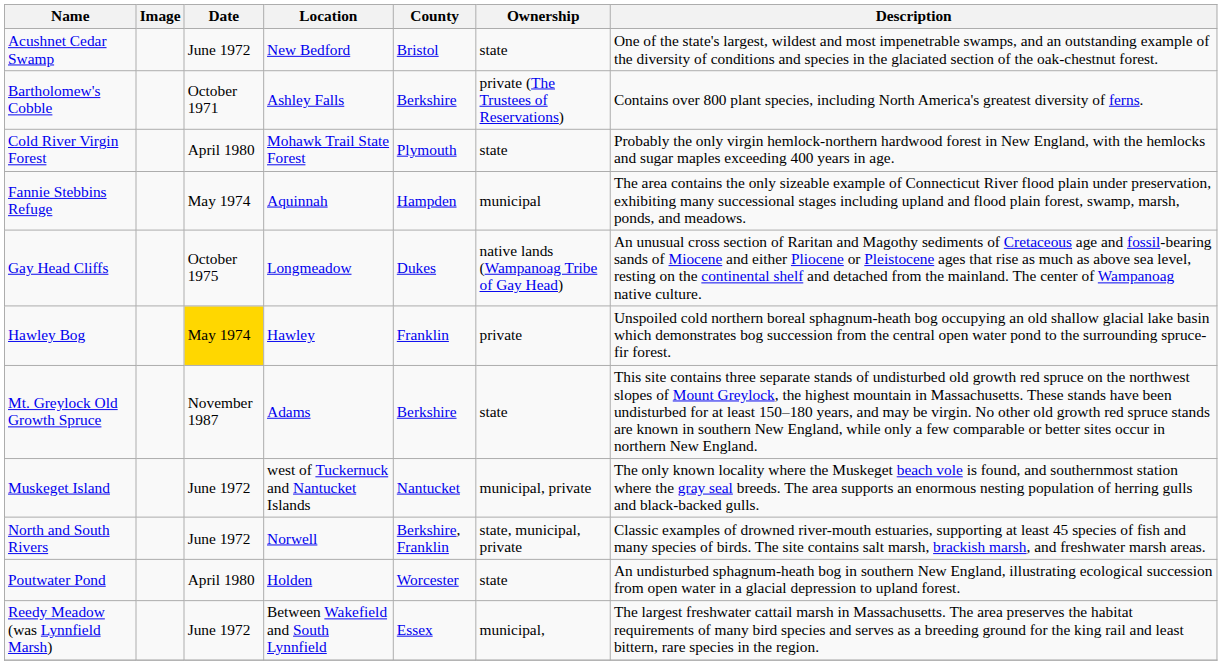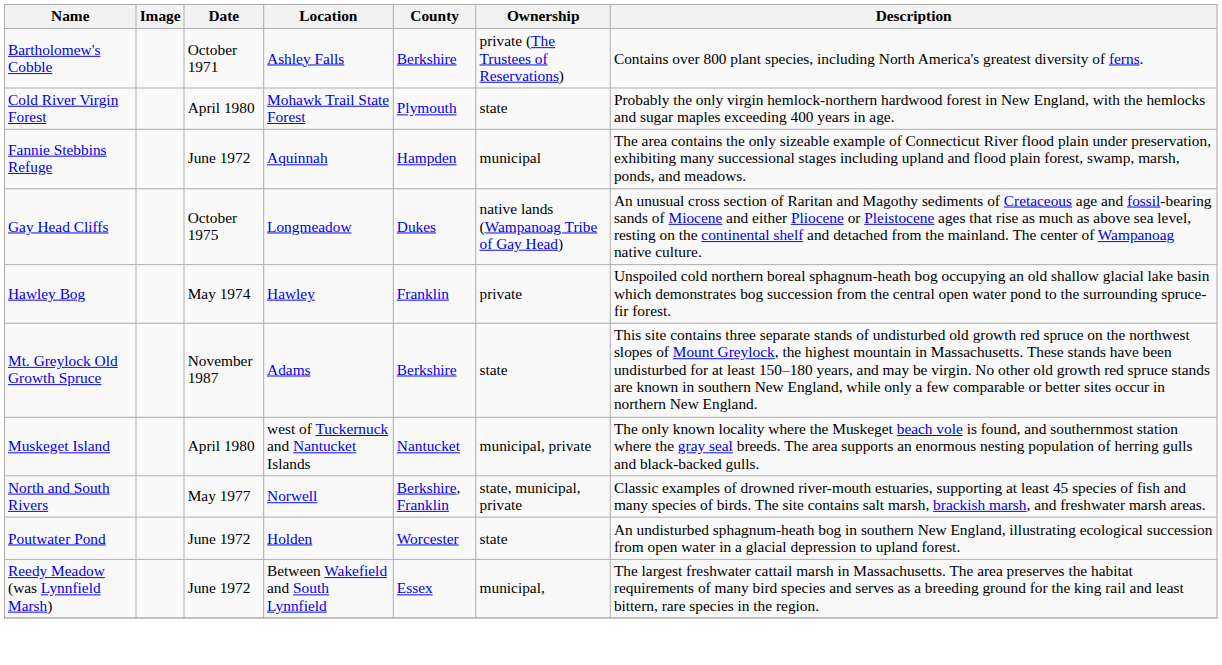 <table class="wikitable sortable" style="width:100%">
 <tr>
 <th style="background-color:">Name</th>
 <th style="background-color:">Image</th>
 <th style="background-color:">Date</th>
 <th style="background-color:">Location</th>
 <th style="background-color:">County</th>
 <th style="background-color:">Ownership</th>
 <th style="background-color:">Description</th>
-</tr>
-<tr>
-<td><a href='#'>Acushnet Cedar Swamp</a></td>
-<td></td>
-<td>June 1972</td>
-<td><a href='#'>New Bedford</a><br></td>
-<td><a href='#'>Bristol</a></td>
-<td>state</td>
-<td>One of the state's largest, wildest and most impenetrable swamps, and an outstanding example of the diversity of conditions and species in the glaciated section of the oak-chestnut forest.</td>
 </tr>
 <tr>
 <td><a href='#'>Bartholomew's Cobble</a></td>
 <td></td>
 <td>October 1971</td>
 <td><a href='#'>Ashley Falls</a><br></td>
 <td><a href='#'>Berkshire</a></td>
 <td>private (<a href='#'>The Trustees of Reservations</a>)</td>
 <td>Contains over 800 plant species, including North America's greatest diversity of <a href='#'>ferns</a>.</td>
 </tr>
 <tr>
 <td><a href='#'>Cold River Virgin Forest</a></td>
 <td></td>
 <td>April 1980</td>
 <td><a href='#'>Mohawk Trail State Forest</a><br></td>
 <td><a href='#'>Plymouth</a></td>
 <td>state</td>
 <td>Probably the only virgin hemlock-northern hardwood forest in New England, with the hemlocks and sugar maples exceeding 400 years in age.</td>
 </tr>
 <tr>
 <td><a href='#'>Fannie Stebbins Refuge</a></td>
 <td></td>
-<td>May 1974</td>
+<td>June 1972</td>
 <td><a href='#'>Aquinnah</a><br></td>
 <td><a href='#'>Hampden</a></td>
 <td>municipal</td>
 <td>The area contains the only sizeable example of Connecticut River flood plain under preservation, exhibiting many successional stages including upland and flood plain forest, swamp, marsh, ponds, and meadows.</td>
 </tr>
 <tr>
 <td><a href='#'>Gay Head Cliffs</a></td>
 <td></td>
 <td>October 1975</td>
 <td><a href='#'>Longmeadow</a><br></td>
 <td><a href='#'>Dukes</a></td>
 <td>native lands (<a href='#'>Wampanoag Tribe of Gay Head</a>)</td>
 <td>An unusual cross section of Raritan and Magothy sediments of <a href='#'>Cretaceous</a> age and <a href='#'>fossil</a>-bearing sands of <a href='#'>Miocene</a> and either <a href='#'>Pliocene</a> or <a href='#'>Pleistocene</a> ages that rise as much as  above sea level, resting on the <a href='#'>continental shelf</a> and detached from the mainland. The center of <a href='#'>Wampanoag</a> native culture.</td>
 </tr>
 <tr>
 <td><a href='#'>Hawley Bog</a></td>
 <td></td>
-<td style="background: gold;">May 1974</td>
+<td>May 1974</td>
 <td><a href='#'>Hawley</a><br></td>
 <td><a href='#'>Franklin</a></td>
 <td>private</td>
 <td>Unspoiled cold northern boreal sphagnum-heath bog occupying an old shallow glacial lake basin which demonstrates bog succession from the central open water pond to the surrounding spruce-fir forest.</td>
 </tr>
 <tr>
 <td><a href='#'>Mt. Greylock Old Growth Spruce</a></td>
 <td></td>
 <td>November 1987</td>
 <td><a href='#'>Adams</a><br></td>
 <td><a href='#'>Berkshire</a></td>
 <td>state</td>
 <td>This site contains three separate stands of undisturbed old growth red spruce on the northwest slopes of <a href='#'>Mount Greylock</a>, the highest mountain in Massachusetts. These stands have been undisturbed for at least 150–180 years, and may be virgin. No other old growth red spruce stands are known in southern New England, while only a few comparable or better sites occur in northern New England.</td>
 </tr>
 <tr>
 <td><a href='#'>Muskeget Island</a></td>
 <td></td>
-<td>June 1972</td>
+<td>April 1980</td>
 <td>west of <a href='#'>Tuckernuck</a> and <a href='#'>Nantucket</a> Islands<br></td>
 <td><a href='#'>Nantucket</a></td>
 <td>municipal, private</td>
 <td>The only known locality where the Muskeget <a href='#'>beach vole</a> is found, and southernmost station where the <a href='#'>gray seal</a> breeds. The area supports an enormous nesting population of herring gulls and black-backed gulls.</td>
 </tr>
 <tr>
 <td><a href='#'>North and South Rivers</a></td>
 <td></td>
-<td>June 1972</td>
+<td>May 1977</td>
 <td><a href='#'>Norwell</a><br></td>
 <td><a href='#'>Berkshire</a>, <a href='#'>Franklin</a></td>
 <td>state, municipal, private</td>
 <td>Classic examples of drowned river-mouth estuaries, supporting at least 45 species of fish and many species of birds. The site contains salt marsh, <a href='#'>brackish marsh</a>, and freshwater marsh areas.</td>
 </tr>
 <tr>
 <td><a href='#'>Poutwater Pond</a></td>
 <td></td>
-<td>April 1980</td>
+<td>June 1972</td>
 <td><a href='#'>Holden</a><br></td>
 <td><a href='#'>Worcester</a></td>
 <td>state</td>
 <td>An undisturbed sphagnum-heath bog in southern New England, illustrating ecological succession from open water in a glacial depression to upland forest.</td>
 </tr>
 <tr>
 <td><a href='#'>Reedy Meadow</a> (was <a href='#'>Lynnfield Marsh</a>)</td>
 <td></td>
 <td>June 1972</td>
 <td>Between <a href='#'>Wakefield</a> and <a href='#'>South Lynnfield</a></td>
 <td><a href='#'>Essex</a></td>
 <td>municipal,</td>
 <td>The largest freshwater cattail marsh in Massachusetts. The area preserves the habitat requirements of many bird species and serves as a breeding ground for the king rail and least bittern, rare species in the region.</td>
 </tr>
 <tr>
 </tr>
 </table>
